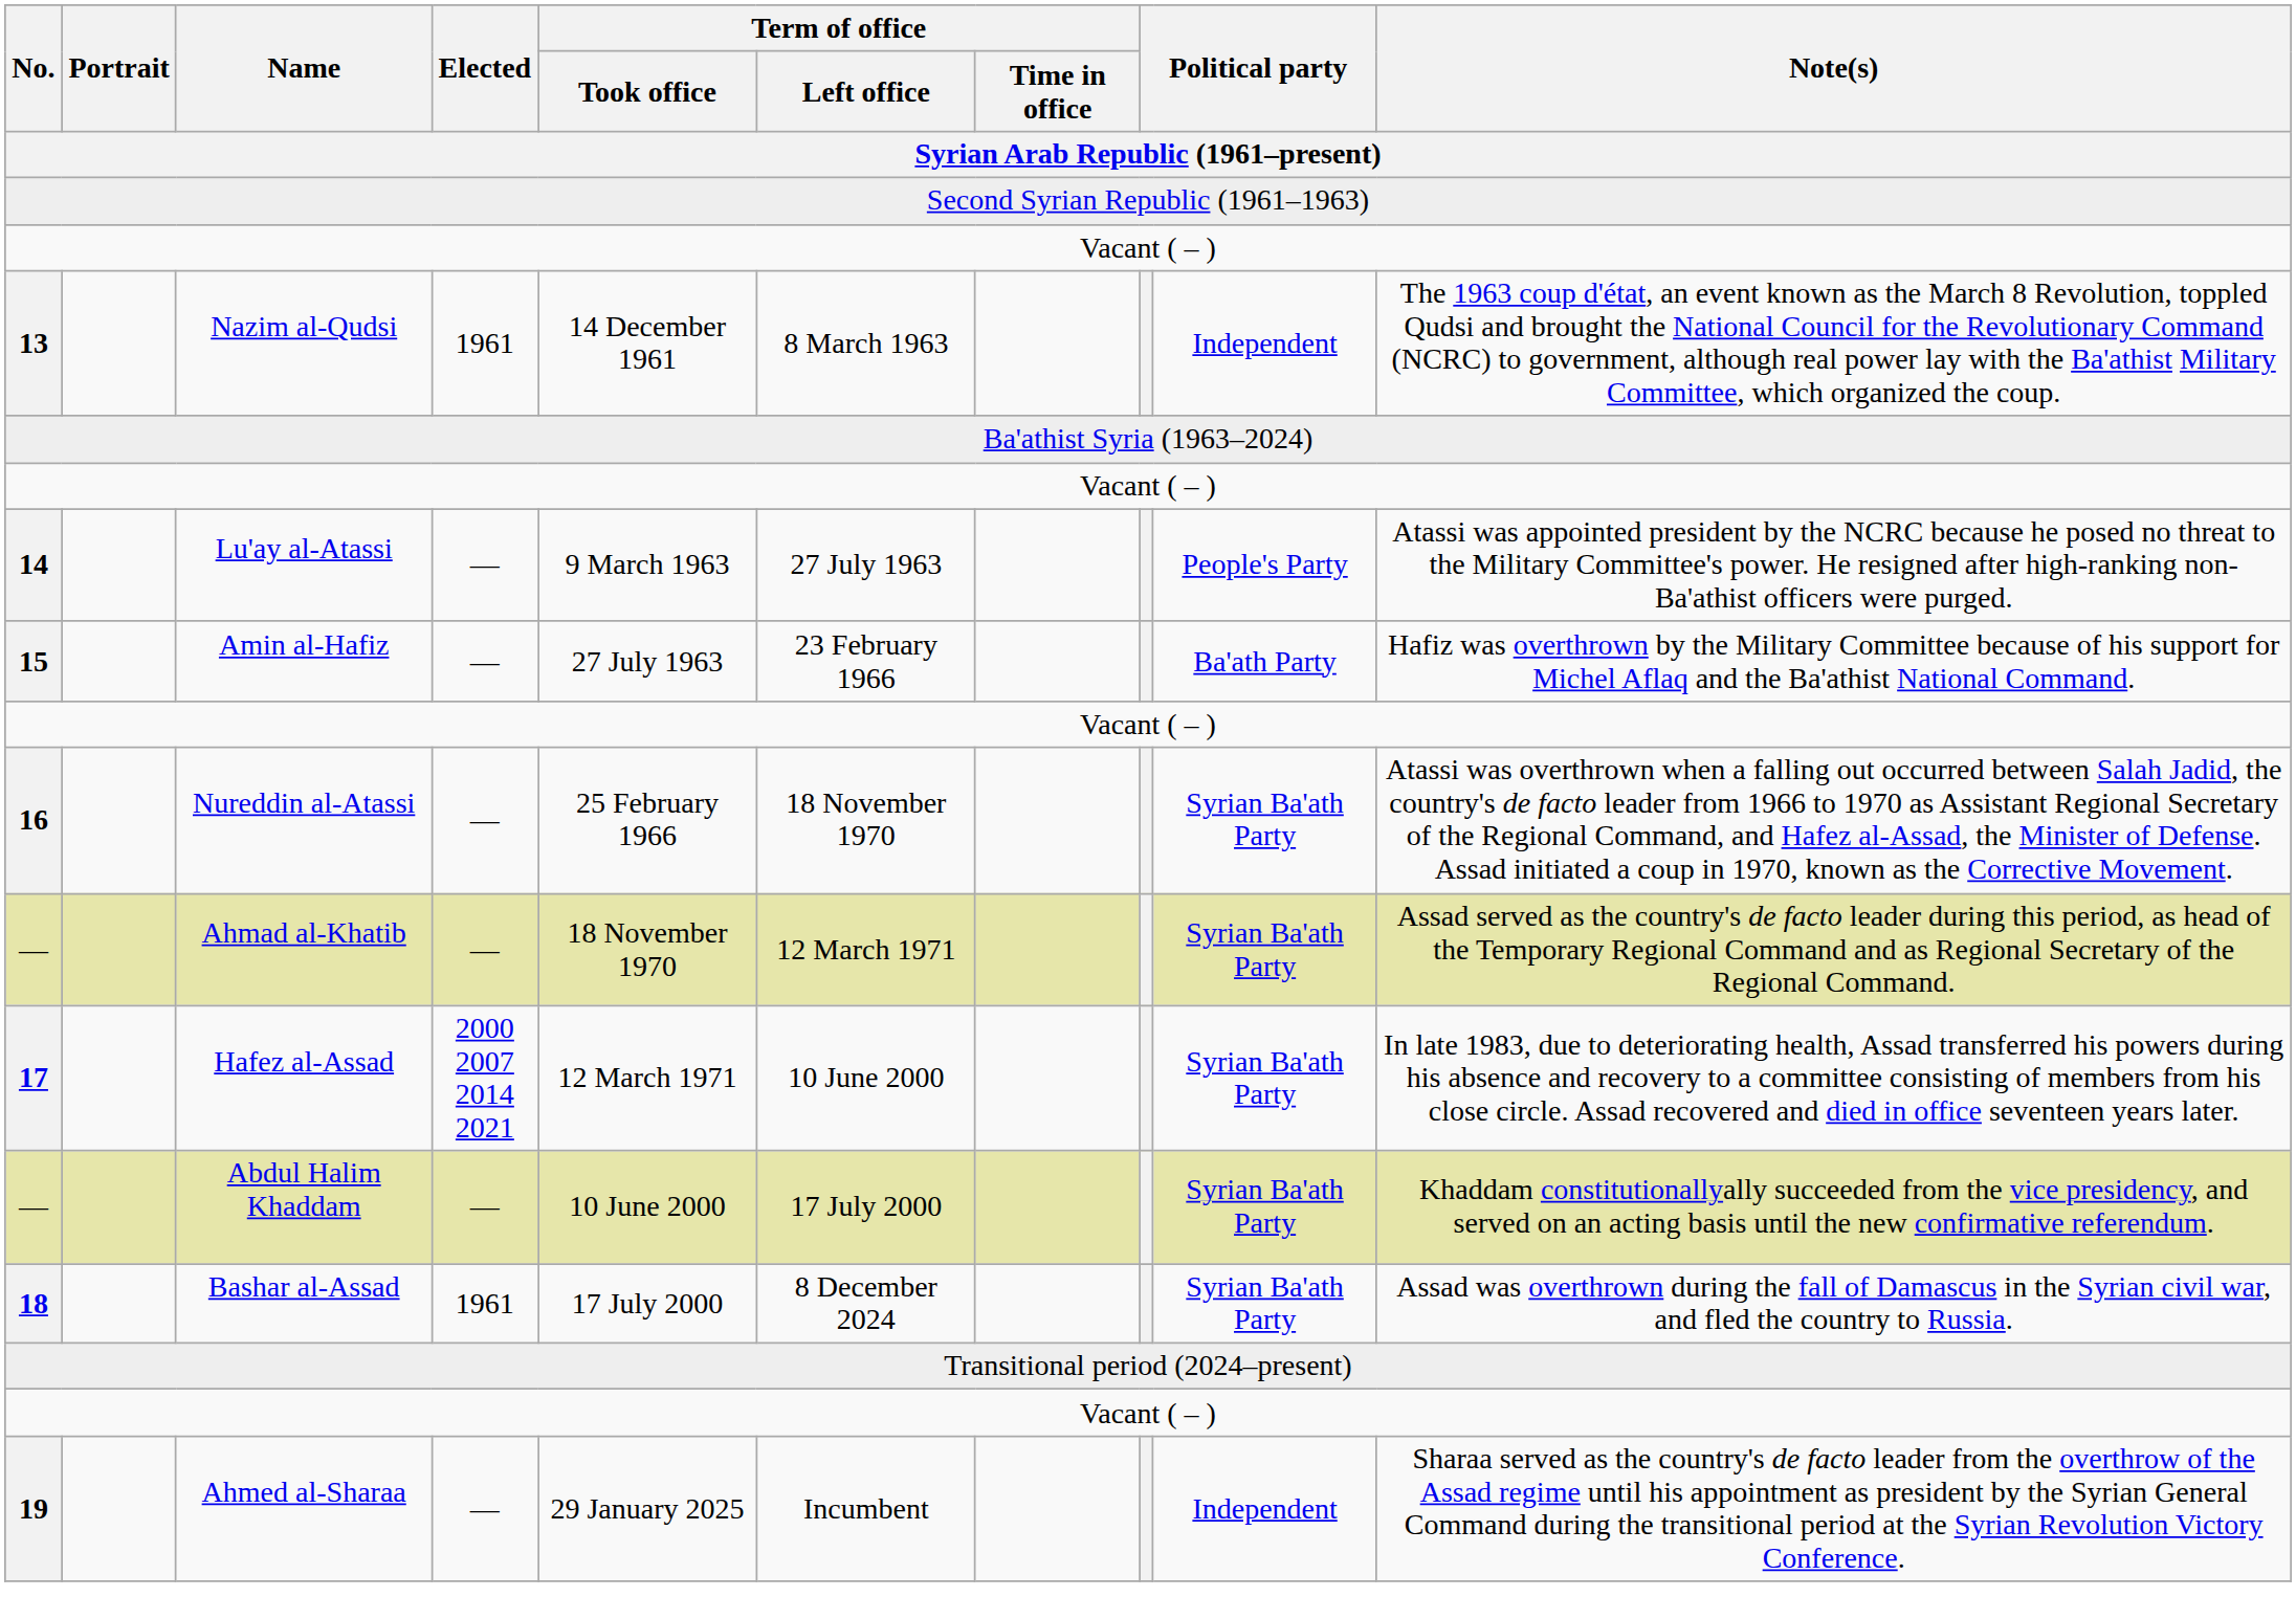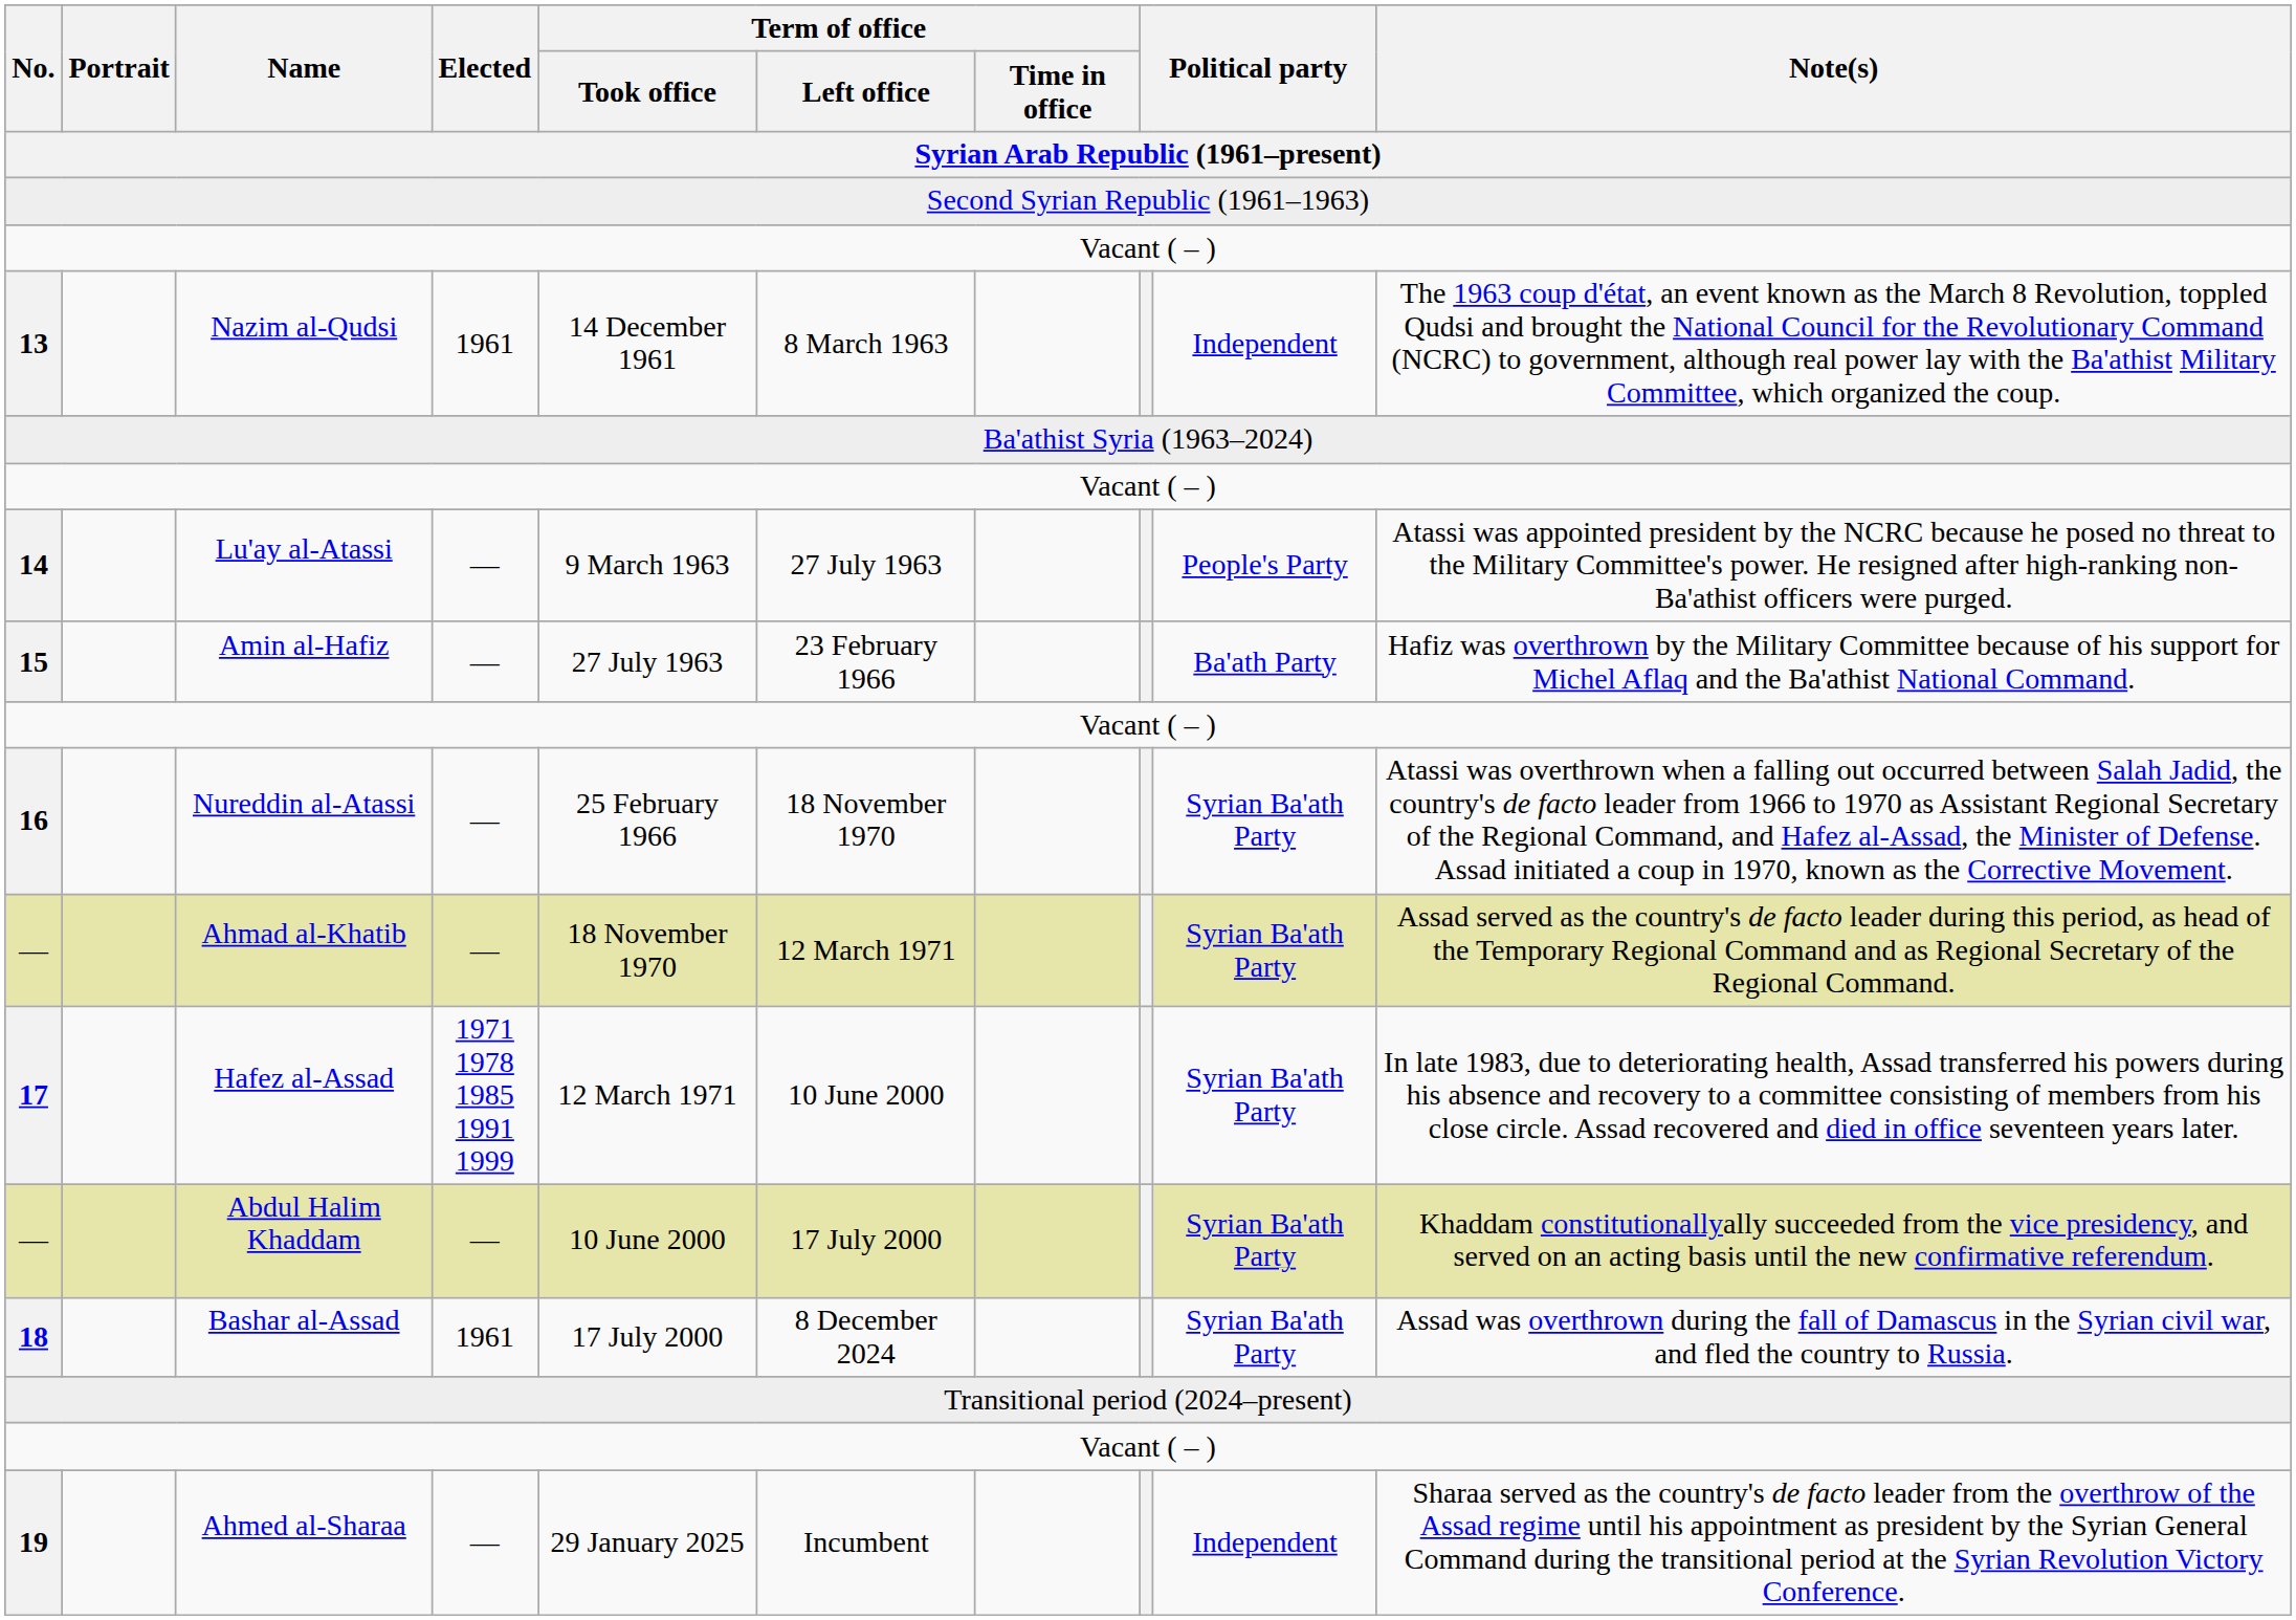 <table class="wikitable" style="text-align:center">
 <tr>
 <th rowspan="2">No.</th>
 <th rowspan="2">Portrait</th>
 <th rowspan="2">Name<br></th>
 <th rowspan="2">Elected</th>
 <th colspan="3">Term of office</th>
 <th colspan="2" rowspan="2">Political party</th>
 <th rowspan="2" width="40%">Note(s)</th>
 </tr>
 <tr>
 <th>Took office</th>
 <th>Left office</th>
 <th>Time in office</th>
 </tr>
 <tr>
 <th colspan="10"><a href='#'>Syrian Arab Republic</a> (1961–present)</th>
 </tr>
 <tr>
 <td bgcolor=#EEEEEE colspan="10"><a href='#'>Second Syrian Republic</a> (1961–1963)</td>
 </tr>
 <tr>
 <td colspan="10">Vacant ( – )</td>
 </tr>
 <tr>
 <th>13</th>
 <td></td>
 <td><a href='#'>Nazim al-Qudsi</a><br><br></td>
 <td>1961</td>
 <td>14 December 1961</td>
 <td>8 March 1963</td>
 <td></td>
 <th style="background:"></th>
 <td><a href='#'>Independent</a></td>
 <td>The <a href='#'>1963 coup d'état</a>, an event known as the March 8 Revolution, toppled Qudsi and brought the <a href='#'>National Council for the Revolutionary Command</a> (NCRC) to government, although real power lay with the <a href='#'>Ba'athist</a> <a href='#'>Military Committee</a>, which organized the coup.</td>
 </tr>
 <tr>
 <td bgcolor=#EEEEEE colspan="10"><a href='#'>Ba'athist Syria</a> (1963–2024)</td>
 </tr>
 <tr>
 <td colspan="10">Vacant ( – )</td>
 </tr>
 <tr>
 <th>14</th>
 <td></td>
 <td><a href='#'>Lu'ay al-Atassi</a><br><br></td>
 <td>—</td>
 <td>9 March 1963</td>
 <td>27 July 1963</td>
 <td></td>
 <th style="background:"></th>
 <td><a href='#'>People's Party</a></td>
 <td>Atassi was appointed president by the NCRC because he posed no threat to the Military Committee's power. He resigned after high-ranking non-Ba'athist officers were purged.</td>
 </tr>
 <tr>
 <th>15</th>
 <td></td>
 <td><a href='#'>Amin al-Hafiz</a><br><br></td>
 <td>—</td>
 <td>27 July 1963</td>
 <td>23 February 1966</td>
 <td></td>
 <th style="background:"></th>
 <td><a href='#'>Ba'ath Party</a><br></td>
 <td>Hafiz was <a href='#'>overthrown</a> by the Military Committee because of his support for <a href='#'>Michel Aflaq</a> and the Ba'athist <a href='#'>National Command</a>.</td>
 </tr>
 <tr>
 <td colspan="10">Vacant ( – )</td>
 </tr>
 <tr>
 <th>16</th>
 <td></td>
 <td><a href='#'>Nureddin al-Atassi</a><br><br></td>
 <td>—</td>
 <td>25 February 1966</td>
 <td>18 November 1970</td>
 <td></td>
 <th style="background:"></th>
 <td><a href='#'>Syrian Ba'ath Party</a><br></td>
 <td>Atassi was overthrown when a falling out occurred between <a href='#'>Salah Jadid</a>, the country's <em>de facto</em> leader from 1966 to 1970 as Assistant Regional Secretary of the Regional Command, and <a href='#'>Hafez al-Assad</a>, the <a href='#'>Minister of Defense</a>. Assad initiated a coup in 1970, known as the <a href='#'>Corrective Movement</a>.</td>
 </tr>
 <tr style="background-color:#E6E6AA">
 <td>—</td>
 <td></td>
 <td><a href='#'>Ahmad al-Khatib</a><br><br></td>
 <td>—</td>
 <td>18 November 1970</td>
 <td>12 March 1971</td>
 <td></td>
 <th style="background:"></th>
 <td><a href='#'>Syrian Ba'ath Party</a><br></td>
 <td>Assad served as the country's <em>de facto</em> leader during this period, as head of the Temporary Regional Command and as Regional Secretary of the Regional Command.</td>
 </tr>
 <tr>
 <th><a href='#'>17</a></th>
 <td></td>
 <td><a href='#'>Hafez al-Assad</a><br><br></td>
-<td><a href='#'>2000</a><br><a href='#'>2007</a><br><a href='#'>2014</a><br><a href='#'>2021</a></td>
+<td><a href='#'>1971</a><br><a href='#'>1978</a><br><a href='#'>1985</a><br><a href='#'>1991</a><br><a href='#'>1999</a></td>
 <td>12 March 1971</td>
 <td>10 June 2000</td>
 <td></td>
 <th style="background:"></th>
 <td><a href='#'>Syrian Ba'ath Party</a><br></td>
 <td>In late 1983, due to deteriorating health, Assad transferred his powers during his absence and recovery to a committee consisting of members from his close circle. Assad recovered and <a href='#'>died in office</a> seventeen years later.</td>
 </tr>
 <tr style="background-color:#E6E6AA">
 <td>—</td>
 <td></td>
 <td><a href='#'>Abdul Halim Khaddam</a><br><br></td>
 <td>—</td>
 <td>10 June 2000</td>
 <td>17 July 2000</td>
 <td></td>
 <th style="background:"></th>
 <td><a href='#'>Syrian Ba'ath Party</a><br></td>
 <td>Khaddam <a href='#'>constitutionally</a>ally succeeded from the <a href='#'>vice presidency</a>, and served on an acting basis until the new <a href='#'>confirmative referendum</a>.</td>
 </tr>
 <tr>
 <th><a href='#'>18</a></th>
 <td></td>
 <td><a href='#'>Bashar al-Assad</a><br><br></td>
 <td>1961</td>
 <td>17 July 2000</td>
 <td>8 December 2024</td>
 <td></td>
 <th style="background:"></th>
 <td><a href='#'>Syrian Ba'ath Party</a><br></td>
 <td>Assad was <a href='#'>overthrown</a> during the <a href='#'>fall of Damascus</a> in the <a href='#'>Syrian civil war</a>, and fled the country to <a href='#'>Russia</a>.</td>
 </tr>
 <tr>
 <td bgcolor=#EEEEEE colspan="10">Transitional period (2024–present)</td>
 </tr>
 <tr>
 <td colspan="10">Vacant ( – )</td>
 </tr>
 <tr>
 <th>19</th>
 <td></td>
 <td><a href='#'>Ahmed al-Sharaa</a><br><br></td>
 <td>—</td>
 <td>29 January 2025</td>
 <td>Incumbent</td>
 <td></td>
 <th style="background:"></th>
 <td><a href='#'>Independent</a></td>
 <td>Sharaa served as the country's <em>de facto</em> leader from the <a href='#'>overthrow of the Assad regime</a> until his appointment as president by the Syrian General Command during the transitional period at the <a href='#'>Syrian Revolution Victory Conference</a>.</td>
 </tr>
 </table>
